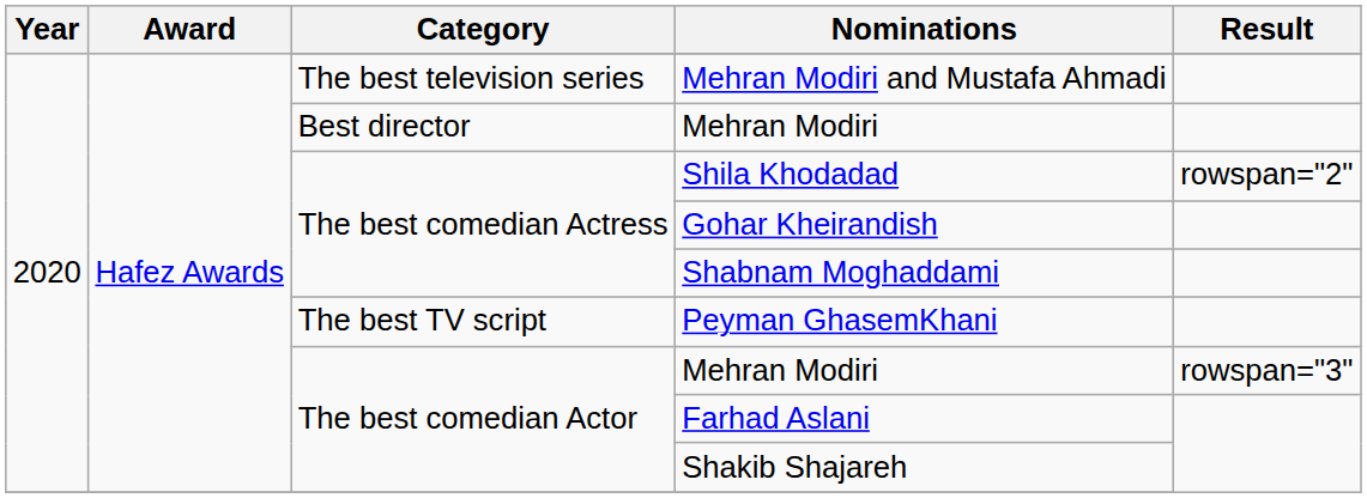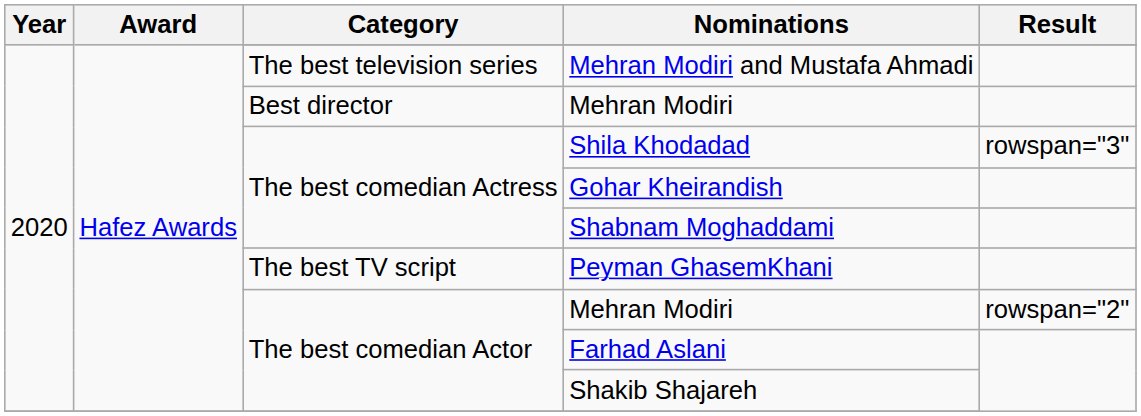 <table class="wikitable">
 <tr>
 <th>Year</th>
 <th>Award</th>
 <th>Category</th>
 <th>Nominations</th>
 <th>Result</th>
 </tr>
 <tr>
 <td rowspan="10">2020</td>
 <td rowspan="10"><a href='#'>Hafez Awards</a></td>
 </tr>
 <tr>
 <td>The best television series</td>
 <td><a href='#'>Mehran Modiri</a> and Mustafa Ahmadi</td>
 <td></td>
 </tr>
 <tr>
 <td>Best director</td>
 <td>Mehran Modiri</td>
 <td></td>
 </tr>
 <tr>
 <td rowspan="3">The best comedian Actress</td>
 <td><a href='#'>Shila Khodadad</a></td>
-<td>rowspan="2" </td>
+<td>rowspan="3" </td>
 </tr>
 <tr>
 <td><a href='#'>Gohar Kheirandish</a></td>
 </tr>
 <tr>
 <td><a href='#'>Shabnam Moghaddami</a></td>
 <td></td>
 </tr>
 <tr>
 <td>The best TV script</td>
 <td><a href='#'>Peyman GhasemKhani</a></td>
 <td></td>
 </tr>
 <tr>
 <td rowspan="3">The best comedian Actor</td>
 <td>Mehran Modiri</td>
-<td>rowspan="3" </td>
+<td>rowspan="2" </td>
 </tr>
 <tr>
 <td><a href='#'>Farhad Aslani</a></td>
 </tr>
 <tr>
 <td>Shakib Shajareh</td>
 </tr>
 <tr>
 </tr>
 </table>
